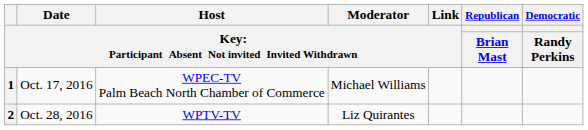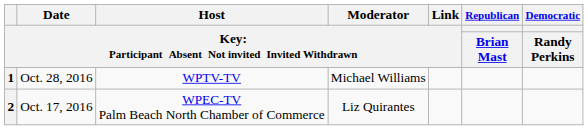 <table class="wikitable" style="text-align:center;">
 <tr>
 <th scope="col"></th>
 <th scope="col">Date</th>
 <th scope="col">Host</th>
 <th scope="col">Moderator</th>
 <th scope="col">Link</th>
 <th scope="col"><small><a href='#'>Republican</a></small></th>
 <th scope="col"><small><a href='#'>Democratic</a></small></th>
 </tr>
 <tr>
 <th colspan="5" rowspan="2">Key:<br> <small>Participant </small>  <small>Absent </small>  <small>Not invited </small>  <small>Invited  Withdrawn</small></th>
 <th scope="col" style="background:"></th>
 <th scope="col" style="background:"></th>
 </tr>
 <tr>
 <th scope="col"><a href='#'>Brian Mast</a></th>
 <th scope="col">Randy Perkins</th>
 </tr>
 <tr>
 <th>1</th>
-<td style="white-space:nowrap;">Oct. 17, 2016</td>
-<td style="white-space:nowrap;"><a href='#'>WPEC-TV</a><br>Palm Beach North Chamber of Commerce</td>
+<td style="white-space:nowrap;">Oct. 28, 2016</td>
+<td style="white-space:nowrap;"><a href='#'>WPTV-TV</a></td>
 <td style="white-space:nowrap;">Michael Williams</td>
 <td style="white-space:nowrap;"></td>
 <td></td>
 <td></td>
 </tr>
 <tr>
 <th>2</th>
-<td style="white-space:nowrap;">Oct. 28, 2016</td>
-<td style="white-space:nowrap;"><a href='#'>WPTV-TV</a></td>
+<td style="white-space:nowrap;">Oct. 17, 2016</td>
+<td style="white-space:nowrap;"><a href='#'>WPEC-TV</a><br>Palm Beach North Chamber of Commerce</td>
 <td style="white-space:nowrap;">Liz Quirantes</td>
 <td style="white-space:nowrap;"></td>
 <td></td>
 <td></td>
 </tr>
 </table>
